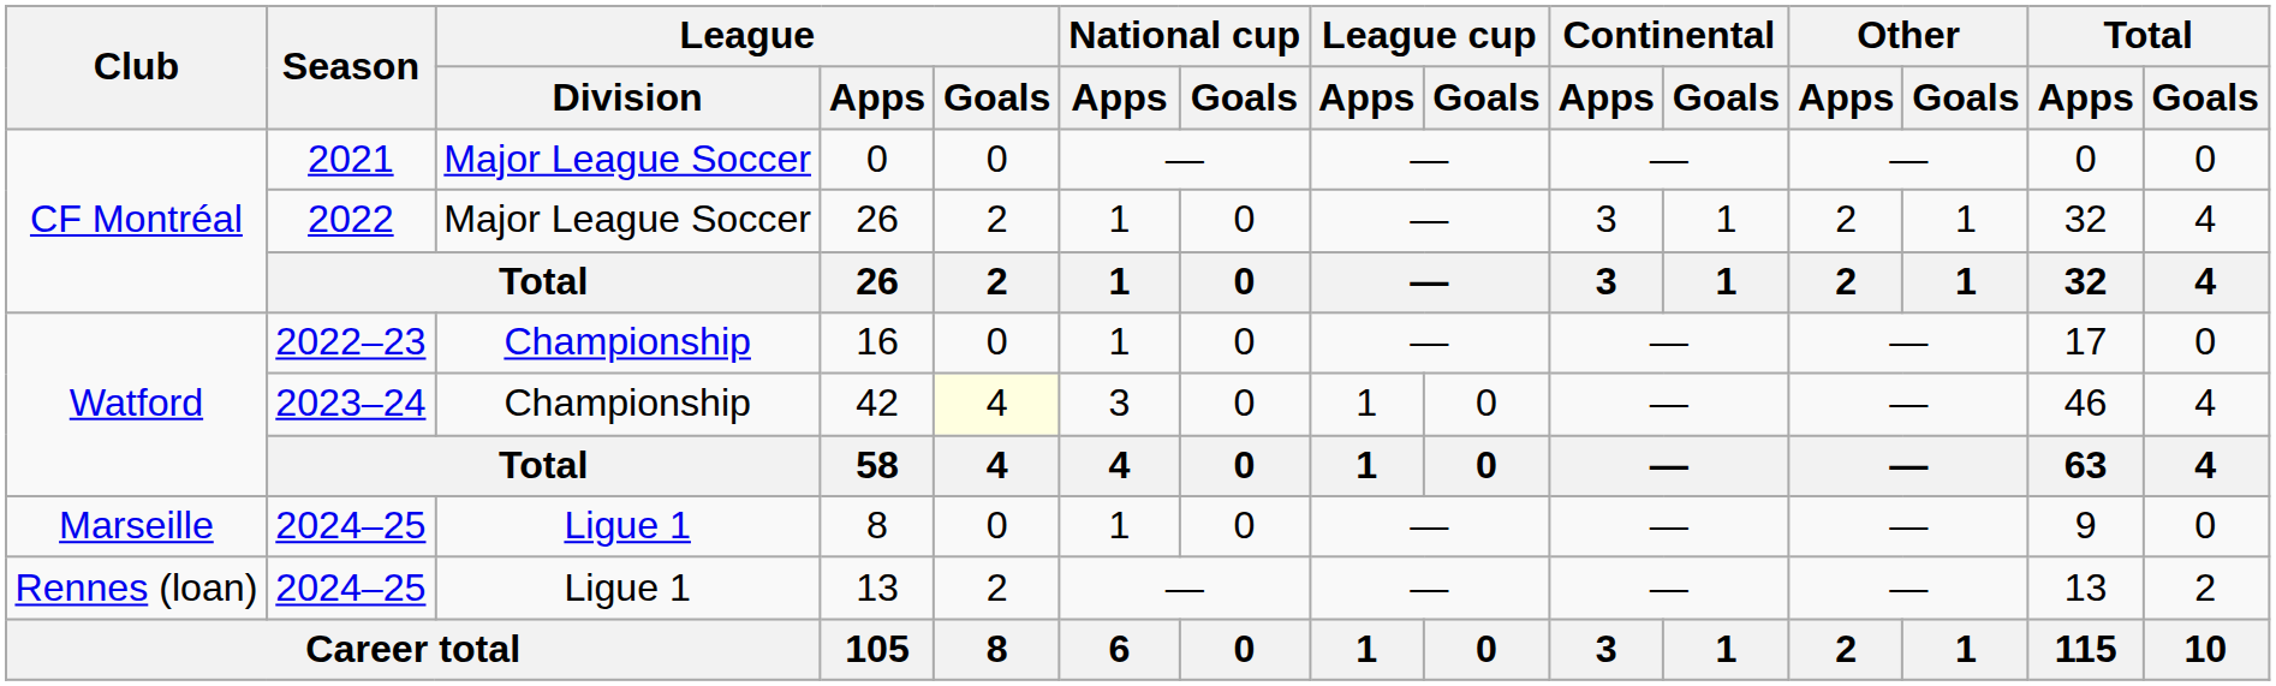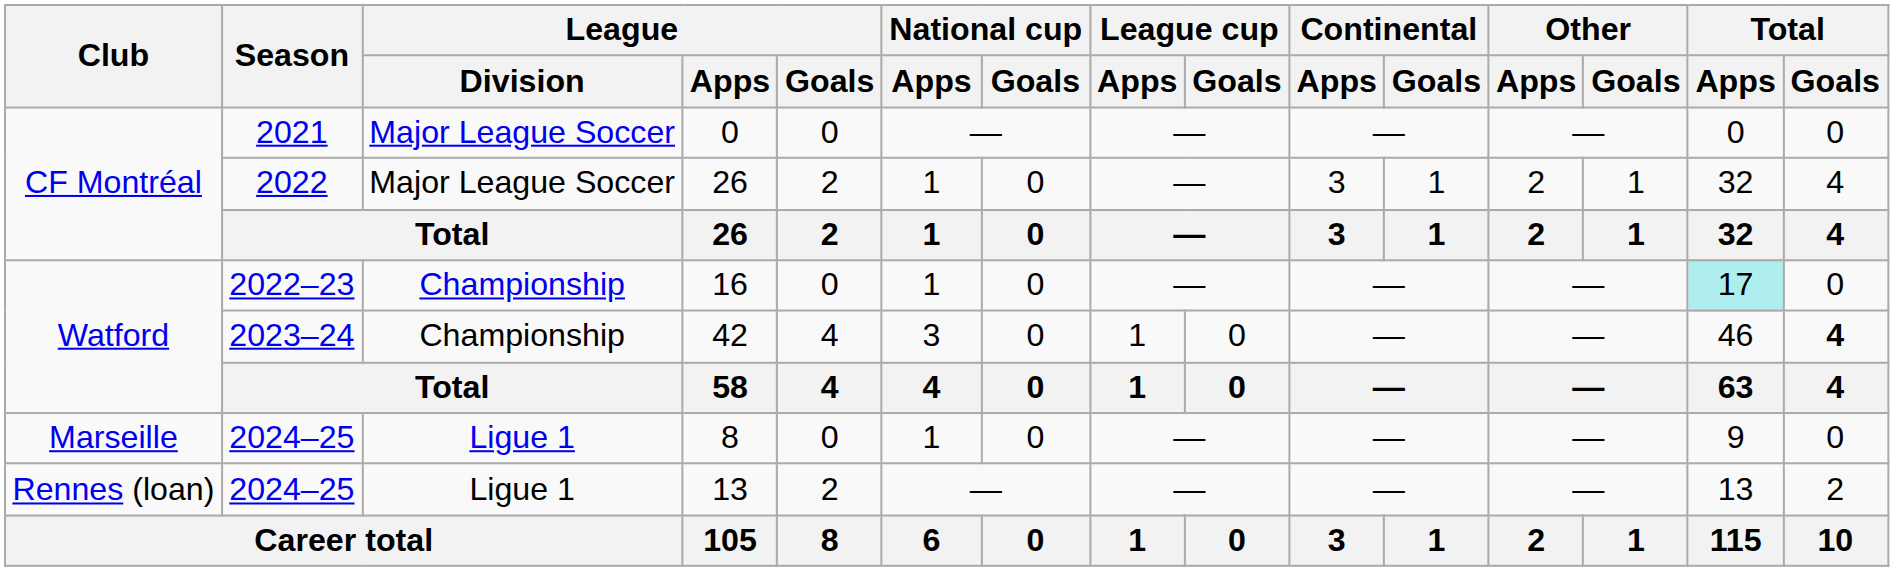 <table class="wikitable" style="text-align:center">
 <tr>
 <th rowspan="2">Club</th>
 <th rowspan="2">Season</th>
 <th colspan="3">League</th>
 <th colspan="2">National cup</th>
 <th colspan="2">League cup</th>
 <th colspan="2">Continental</th>
 <th colspan="2">Other</th>
 <th colspan="2">Total</th>
 </tr>
 <tr>
 <th>Division</th>
 <th>Apps</th>
 <th>Goals</th>
 <th>Apps</th>
 <th>Goals</th>
 <th>Apps</th>
 <th>Goals</th>
 <th>Apps</th>
 <th>Goals</th>
 <th>Apps</th>
 <th>Goals</th>
 <th>Apps</th>
 <th>Goals</th>
 </tr>
 <tr>
 <td rowspan="3"><a href='#'>CF Montréal</a></td>
 <td><a href='#'>2021</a></td>
 <td><a href='#'>Major League Soccer</a></td>
 <td>0</td>
 <td>0</td>
 <td colspan="2">—</td>
 <td colspan="2">—</td>
 <td colspan="2">—</td>
 <td colspan="2">—</td>
 <td>0</td>
 <td>0</td>
 </tr>
 <tr>
 <td><a href='#'>2022</a></td>
 <td>Major League Soccer</td>
 <td>26</td>
 <td>2</td>
 <td>1</td>
 <td>0</td>
 <td colspan="2">—</td>
 <td>3</td>
 <td>1</td>
 <td>2</td>
 <td>1</td>
 <td>32</td>
 <td>4</td>
 </tr>
 <tr>
 <th colspan="2">Total</th>
 <th>26</th>
 <th>2</th>
 <th>1</th>
 <th>0</th>
 <th colspan="2">—</th>
 <th>3</th>
 <th>1</th>
 <th>2</th>
 <th>1</th>
 <th>32</th>
 <th>4</th>
 </tr>
 <tr>
 <td rowspan="3"><a href='#'>Watford</a></td>
 <td><a href='#'>2022–23</a></td>
 <td><a href='#'>Championship</a></td>
 <td>16</td>
 <td>0</td>
 <td>1</td>
 <td>0</td>
 <td colspan="2">—</td>
 <td colspan="2">—</td>
 <td colspan="2">—</td>
-<td>17</td>
+<td style="background: paleturquoise;">17</td>
 <td>0</td>
 </tr>
 <tr>
 <td><a href='#'>2023–24</a></td>
 <td>Championship</td>
 <td>42</td>
-<td style="background: lightyellow;">4</td>
+<td>4</td>
 <td>3</td>
 <td>0</td>
 <td>1</td>
 <td>0</td>
 <td colspan="2">—</td>
 <td colspan="2">—</td>
 <td>46</td>
-<td>4</td>
+<td><strong>4</strong></td>
 </tr>
 <tr>
 <th colspan="2">Total</th>
 <th>58</th>
 <th>4</th>
 <th>4</th>
 <th>0</th>
 <th>1</th>
 <th>0</th>
 <th colspan="2">—</th>
 <th colspan="2">—</th>
 <th>63</th>
 <th>4</th>
 </tr>
 <tr>
 <td><a href='#'>Marseille</a></td>
 <td><a href='#'>2024–25</a></td>
 <td><a href='#'>Ligue 1</a></td>
 <td>8</td>
 <td>0</td>
 <td>1</td>
 <td>0</td>
 <td colspan="2">—</td>
 <td colspan="2">—</td>
 <td colspan="2">—</td>
 <td>9</td>
 <td>0</td>
 </tr>
 <tr>
 <td><a href='#'>Rennes</a> (loan)</td>
 <td><a href='#'>2024–25</a></td>
 <td>Ligue 1</td>
 <td>13</td>
 <td>2</td>
 <td colspan="2">—</td>
 <td colspan="2">—</td>
 <td colspan="2">—</td>
 <td colspan="2">—</td>
 <td>13</td>
 <td>2</td>
 </tr>
 <tr>
 <th colspan="3">Career total</th>
 <th>105</th>
 <th>8</th>
 <th>6</th>
 <th>0</th>
 <th>1</th>
 <th>0</th>
 <th>3</th>
 <th>1</th>
 <th>2</th>
 <th>1</th>
 <th>115</th>
 <th>10</th>
 </tr>
 </table>
